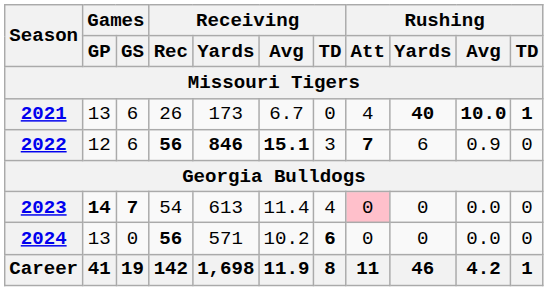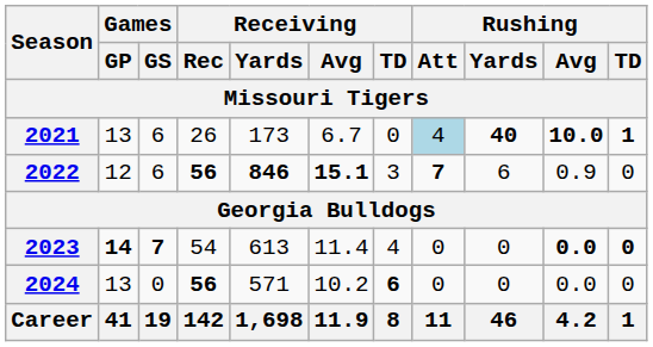 <table class="wikitable" style="text-align:center;">
 <tr>
 <th rowspan="2">Season</th>
 <th colspan="2">Games</th>
 <th colspan="4">Receiving</th>
 <th colspan="4">Rushing</th>
 </tr>
 <tr>
 <th>GP</th>
 <th>GS</th>
 <th>Rec</th>
 <th>Yards</th>
 <th>Avg</th>
 <th>TD</th>
 <th>Att</th>
 <th>Yards</th>
 <th>Avg</th>
 <th>TD</th>
 </tr>
 <tr>
 <th colspan="12">Missouri Tigers</th>
 </tr>
 <tr>
 <th><a href='#'>2021</a></th>
 <td>13</td>
 <td>6</td>
 <td>26</td>
 <td>173</td>
 <td>6.7</td>
 <td>0</td>
-<td>4</td>
+<td style="background: lightblue;">4</td>
 <td><strong>40</strong></td>
 <td><strong>10.0</strong></td>
 <td><strong>1</strong></td>
 </tr>
 <tr>
 <th><a href='#'>2022</a></th>
 <td>12</td>
 <td>6</td>
 <td><strong>56</strong></td>
 <td><strong>846</strong></td>
 <td><strong>15.1</strong></td>
 <td>3</td>
 <td><strong>7</strong></td>
 <td>6</td>
 <td>0.9</td>
 <td>0</td>
 </tr>
 <tr>
 <th colspan="12">Georgia Bulldogs</th>
 </tr>
 <tr>
 <th><a href='#'>2023</a></th>
 <td><strong>14</strong></td>
 <td><strong>7</strong></td>
 <td>54</td>
 <td>613</td>
 <td>11.4</td>
 <td>4</td>
-<td style="background: pink;">0</td>
 <td>0</td>
-<td>0.0</td>
 <td>0</td>
+<td><strong>0.0</strong></td>
+<td><strong>0</strong></td>
 </tr>
 <tr>
 <th><a href='#'>2024</a></th>
 <td>13</td>
 <td>0</td>
 <td><strong>56</strong></td>
 <td>571</td>
 <td>10.2</td>
 <td><strong> 6</strong></td>
 <td>0</td>
 <td>0</td>
 <td>0.0</td>
 <td>0</td>
 </tr>
 <tr>
 <th>Career</th>
 <th>41</th>
 <th>19</th>
 <th>142</th>
 <th>1,698</th>
 <th>11.9</th>
 <th>8</th>
 <th>11</th>
 <th>46</th>
 <th>4.2</th>
 <th>1</th>
 </tr>
 </table>
